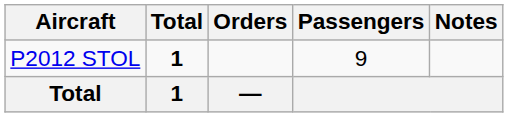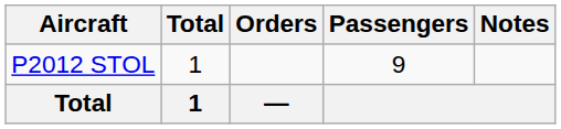 <table class="wikitable" style="margin:1em auto; border-collapse:collapse;text-align:center">
 <tr>
 <th>Aircraft</th>
 <th>Total</th>
 <th>Orders</th>
 <th>Passengers</th>
 <th>Notes</th>
 </tr>
 <tr>
 <td><a href='#'>P2012 STOL</a></td>
-<td><strong>1</strong></td>
+<td>1</td>
 <td></td>
 <td>9</td>
 <td></td>
 </tr>
 <tr>
 <th>Total</th>
 <th>1</th>
 <th>—</th>
 <th colspan="2"></th>
 </tr>
 </table>
